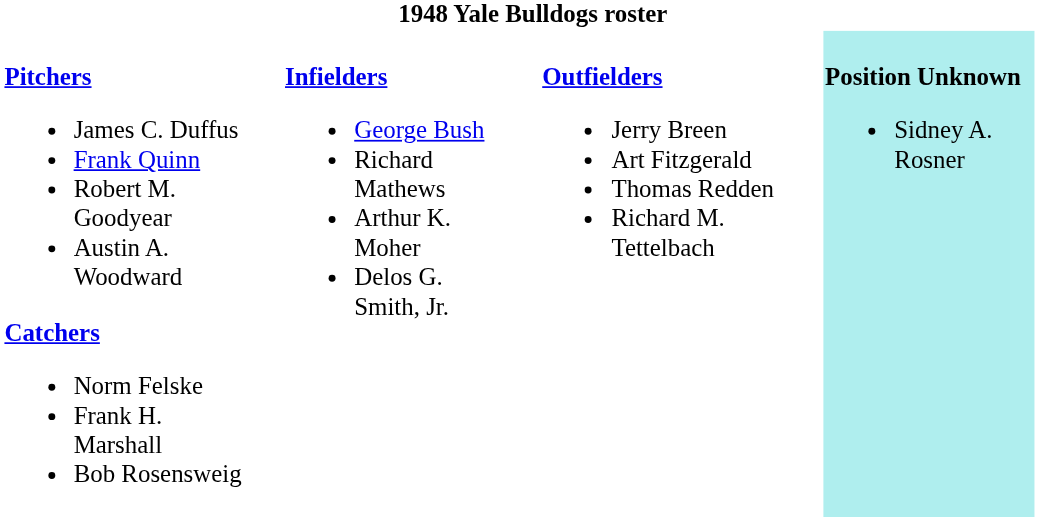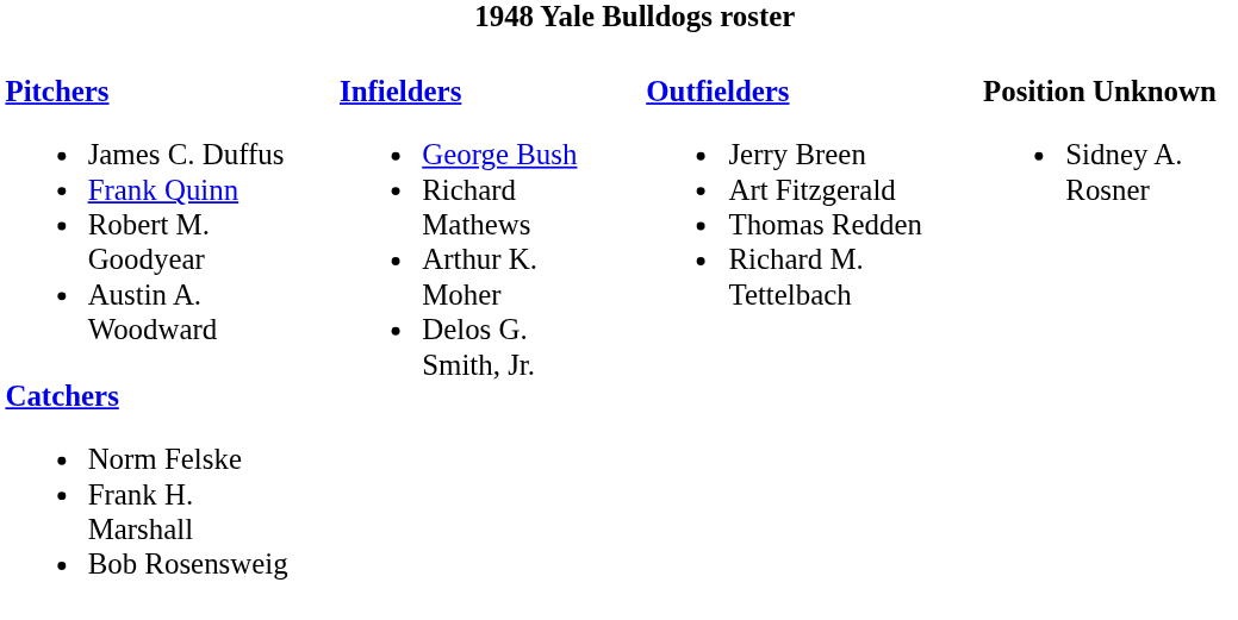 <table class="toccolours" style="border-collapse:collapse; font-size:90%;">
 <tr>
 <th colspan=9>1948 Yale Bulldogs roster</th>
 </tr>
 <tr>
 <td width="03"> </td>
 <td valign="top"><br><strong><a href='#'>Pitchers</a></strong><ul><li>James C. Duffus</li><li><a href='#'>Frank Quinn</a></li><li>Robert M. Goodyear</li><li>Austin A. Woodward</li></ul><strong><a href='#'>Catchers</a></strong><ul><li>Norm Felske</li><li>Frank H. Marshall</li><li>Bob Rosensweig</li></ul></td>
 <td width="15"> </td>
 <td valign="top"><br><strong><a href='#'>Infielders</a></strong><ul><li><a href='#'>George Bush</a></li><li>Richard Mathews</li><li>Arthur K. Moher</li><li>Delos G. Smith, Jr.</li></ul></td>
 <td width="15"> </td>
 <td valign="top"><br><strong><a href='#'>Outfielders</a></strong><ul><li>Jerry Breen</li><li>Art Fitzgerald</li><li>Thomas Redden</li><li>Richard M. Tettelbach</li></ul></td>
 <td width="15"> </td>
-<td valign="top" style="background: paleturquoise;"><br><strong>Position Unknown</strong><ul><li>Sidney A. Rosner</li></ul></td>
+<td valign="top"><br><strong>Position Unknown</strong><ul><li>Sidney A. Rosner</li></ul></td>
 <td width="20"> </td>
 </tr>
 </table>
